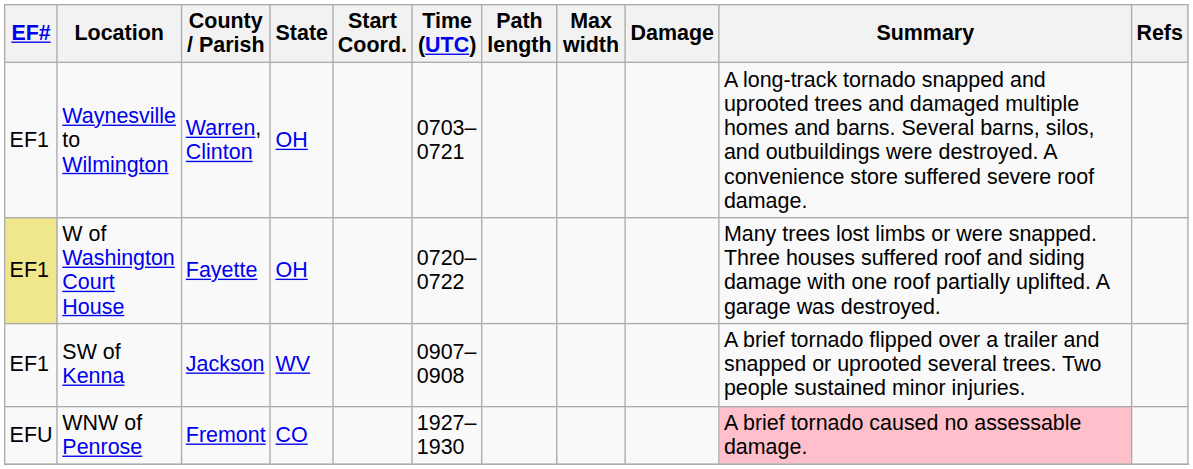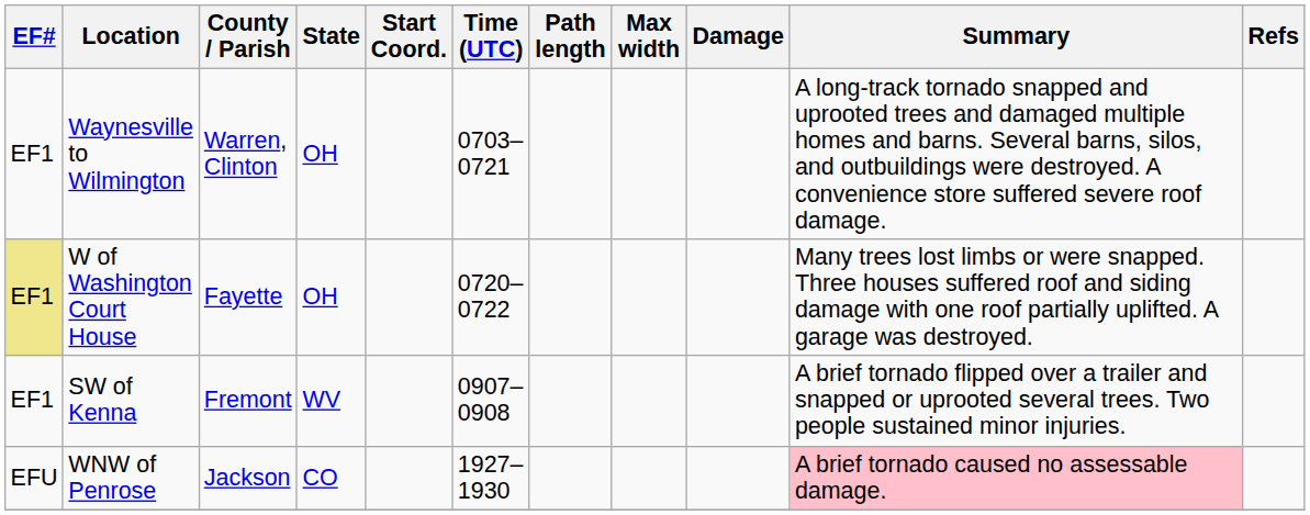 <table class="wikitable sortable" style="width:100%;">
 <tr>
 <th scope="col" width="3%" align="center"><a href='#'>EF#</a></th>
 <th scope="col" width="7%" align="center" class="unsortable">Location</th>
 <th scope="col" width="6%" align="center" class="unsortable">County / Parish</th>
 <th scope="col" width="5%" align="center">State</th>
 <th scope="col" width="6%" align="center">Start Coord.</th>
 <th scope="col" width="6%" align="center">Time (<a href='#'>UTC</a>)</th>
 <th scope="col" width="6%" align="center">Path length</th>
 <th scope="col" width="6%" align="center">Max width</th>
 <th scope="col" width="6%" align="center">Damage</th>
 <th scope="col" width="48%" class="unsortable" align="center">Summary</th>
 <th scope="col" width="48%" class="unsortable" align="center">Refs</th>
 </tr>
 <tr>
 <td>EF1</td>
 <td><a href='#'>Waynesville</a> to <a href='#'>Wilmington</a></td>
 <td><a href='#'>Warren</a>, <a href='#'>Clinton</a></td>
 <td><a href='#'>OH</a></td>
 <td></td>
 <td>0703–0721</td>
 <td></td>
 <td></td>
 <td></td>
 <td>A long-track tornado snapped and uprooted trees and damaged multiple homes and barns. Several barns, silos, and outbuildings were destroyed. A convenience store suffered severe roof damage.</td>
 <td></td>
 </tr>
 <tr>
 <td style="background: khaki;">EF1</td>
 <td>W of <a href='#'>Washington Court House</a></td>
 <td><a href='#'>Fayette</a></td>
 <td><a href='#'>OH</a></td>
 <td></td>
 <td>0720–0722</td>
 <td></td>
 <td></td>
 <td></td>
 <td>Many trees lost limbs or were snapped. Three houses suffered roof and siding damage with one roof partially uplifted. A garage was destroyed.</td>
 <td></td>
 </tr>
 <tr>
 <td>EF1</td>
 <td>SW of <a href='#'>Kenna</a></td>
-<td><a href='#'>Jackson</a></td>
+<td><a href='#'>Fremont</a></td>
 <td><a href='#'>WV</a></td>
 <td></td>
 <td>0907–0908</td>
 <td></td>
 <td></td>
 <td></td>
 <td>A brief tornado flipped over a trailer and snapped or uprooted several trees. Two people sustained minor injuries.</td>
 <td></td>
 </tr>
 <tr>
 <td>EFU</td>
 <td>WNW of <a href='#'>Penrose</a></td>
-<td><a href='#'>Fremont</a></td>
+<td><a href='#'>Jackson</a></td>
 <td><a href='#'>CO</a></td>
 <td></td>
 <td>1927–1930</td>
 <td></td>
 <td></td>
 <td></td>
 <td style="background: pink;">A brief tornado caused no assessable damage.</td>
 <td></td>
 </tr>
 <tr>
 </tr>
 </table>
